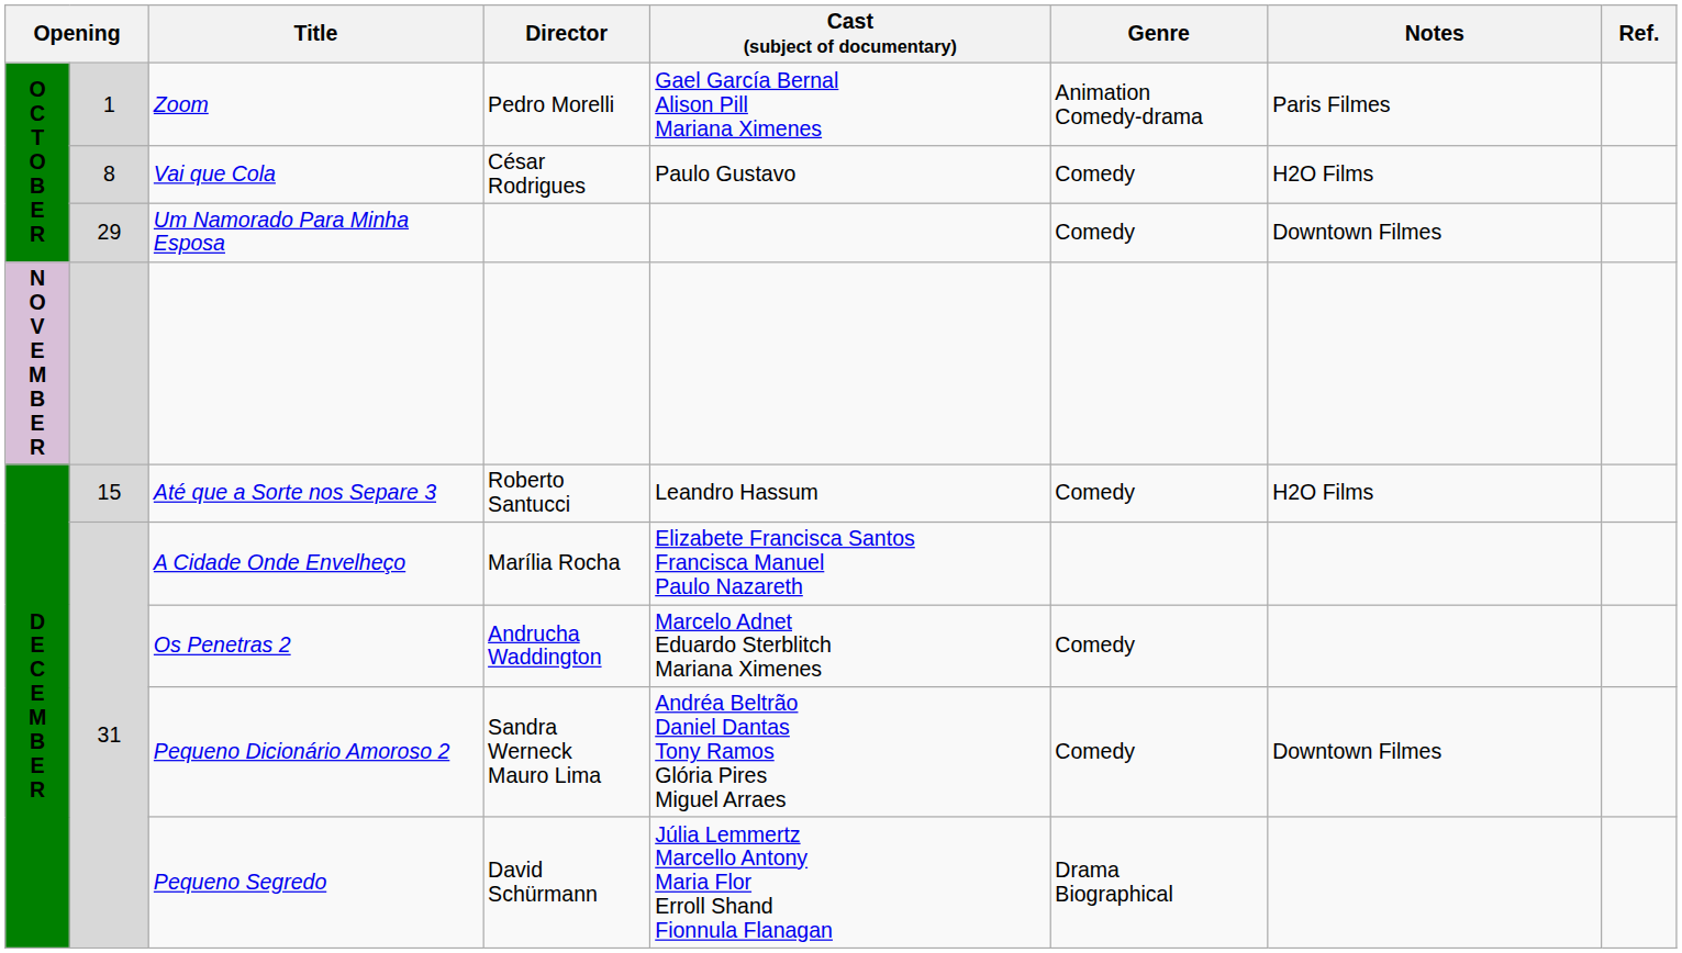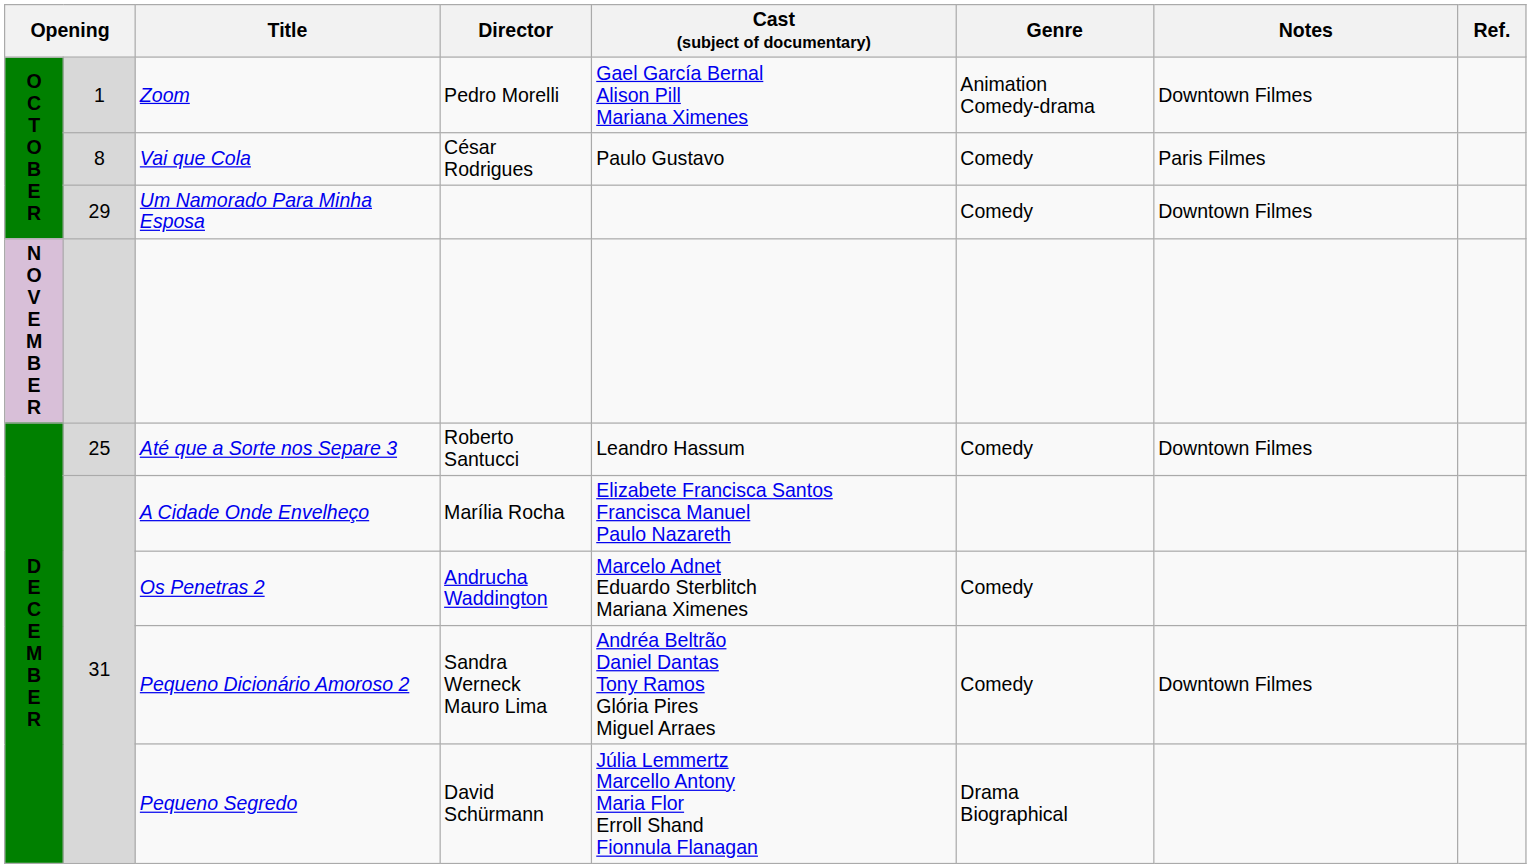 <table class="wikitable">
 <tr>
 <th colspan="2">Opening</th>
 <th style="width:20%;">Title</th>
 <th style="width:10%;">Director</th>
 <th>Cast<br><small>(subject of documentary)</small></th>
 <th style="width:13%">Genre</th>
 <th style="width:20%">Notes</th>
 <th>Ref.</th>
 </tr>
 <tr>
 <td rowspan=3 style="text-align:center; background:green; textcolor:#000;"><strong>O<br>C<br>T<br>O<br>B<br>E<br>R<br></strong></td>
 <td style="text-align:center; background:#d8d8d8; textcolor:#000;">1</td>
 <td><em><a href='#'>Zoom</a></em></td>
 <td>Pedro Morelli</td>
 <td><a href='#'>Gael García Bernal</a><br><a href='#'>Alison Pill</a><br><a href='#'>Mariana Ximenes</a></td>
 <td>Animation<br>Comedy-drama</td>
-<td>Paris Filmes</td>
+<td>Downtown Filmes</td>
 <td></td>
 </tr>
 <tr>
 <td style="text-align:center; background:#d8d8d8; textcolor:#000;">8</td>
 <td><em><a href='#'>Vai que Cola</a></em></td>
 <td>César Rodrigues</td>
 <td>Paulo Gustavo</td>
 <td>Comedy</td>
-<td>H2O Films</td>
+<td>Paris Filmes</td>
 <td></td>
 </tr>
 <tr>
 <td style="text-align:center; background:#d8d8d8; textcolor:#000;">29</td>
 <td><em><a href='#'>Um Namorado Para Minha Esposa</a></em></td>
 <td></td>
 <td></td>
 <td>Comedy</td>
 <td>Downtown Filmes</td>
 <td></td>
 </tr>
 <tr>
 <td style="text-align:center; background:thistle; textcolor:#000;"><strong>N<br>O<br>V<br>E<br>M<br>B<br>E<br>R<br></strong></td>
 <td style="text-align:center; background:#d8d8d8; textcolor:#000;"></td>
 <td></td>
 <td></td>
 <td></td>
 <td></td>
 <td></td>
 <td></td>
 </tr>
 <tr>
 <td rowspan=5 style="text-align:center; background:green; textcolor:#000;"><strong>D<br>E<br>C<br>E<br>M<br>B<br>E<br>R<br></strong></td>
-<td style="text-align:center; background:#d8d8d8; textcolor:#000;">15</td>
+<td style="text-align:center; background:#d8d8d8; textcolor:#000;">25</td>
 <td><em><a href='#'>Até que a Sorte nos Separe 3</a></em></td>
 <td>Roberto Santucci</td>
 <td>Leandro Hassum</td>
 <td>Comedy</td>
-<td>H2O Films</td>
+<td>Downtown Filmes</td>
 <td></td>
 </tr>
 <tr>
 <td rowspan=4 style="text-align:center; background:#d8d8d8; textcolor:#000;">31</td>
 <td><em><a href='#'>A Cidade Onde Envelheço</a></em></td>
 <td>Marília Rocha</td>
 <td><a href='#'>Elizabete Francisca Santos</a><br><a href='#'>Francisca Manuel</a><br><a href='#'>Paulo Nazareth</a></td>
 <td></td>
 <td></td>
 <td></td>
 </tr>
 <tr>
 <td><em><a href='#'>Os Penetras 2</a></em></td>
 <td><a href='#'>Andrucha Waddington</a></td>
 <td><a href='#'>Marcelo Adnet</a><br>Eduardo Sterblitch<br>Mariana Ximenes</td>
 <td>Comedy</td>
 <td></td>
 <td></td>
 </tr>
 <tr>
 <td><em><a href='#'>Pequeno Dicionário Amoroso 2</a></em></td>
 <td>Sandra Werneck<br> Mauro Lima</td>
 <td><a href='#'>Andréa Beltrão</a><br><a href='#'>Daniel Dantas</a><br><a href='#'>Tony Ramos</a><br>Glória Pires<br>Miguel Arraes</td>
 <td>Comedy</td>
 <td>Downtown Filmes</td>
 <td></td>
 </tr>
 <tr>
 <td><em><a href='#'>Pequeno Segredo</a></em></td>
 <td>David Schürmann</td>
 <td><a href='#'>Júlia Lemmertz</a><br><a href='#'>Marcello Antony</a><br><a href='#'>Maria Flor</a><br>Erroll Shand<br><a href='#'>Fionnula Flanagan</a></td>
 <td>Drama<br>Biographical</td>
 <td></td>
 <td></td>
 </tr>
 </table>
